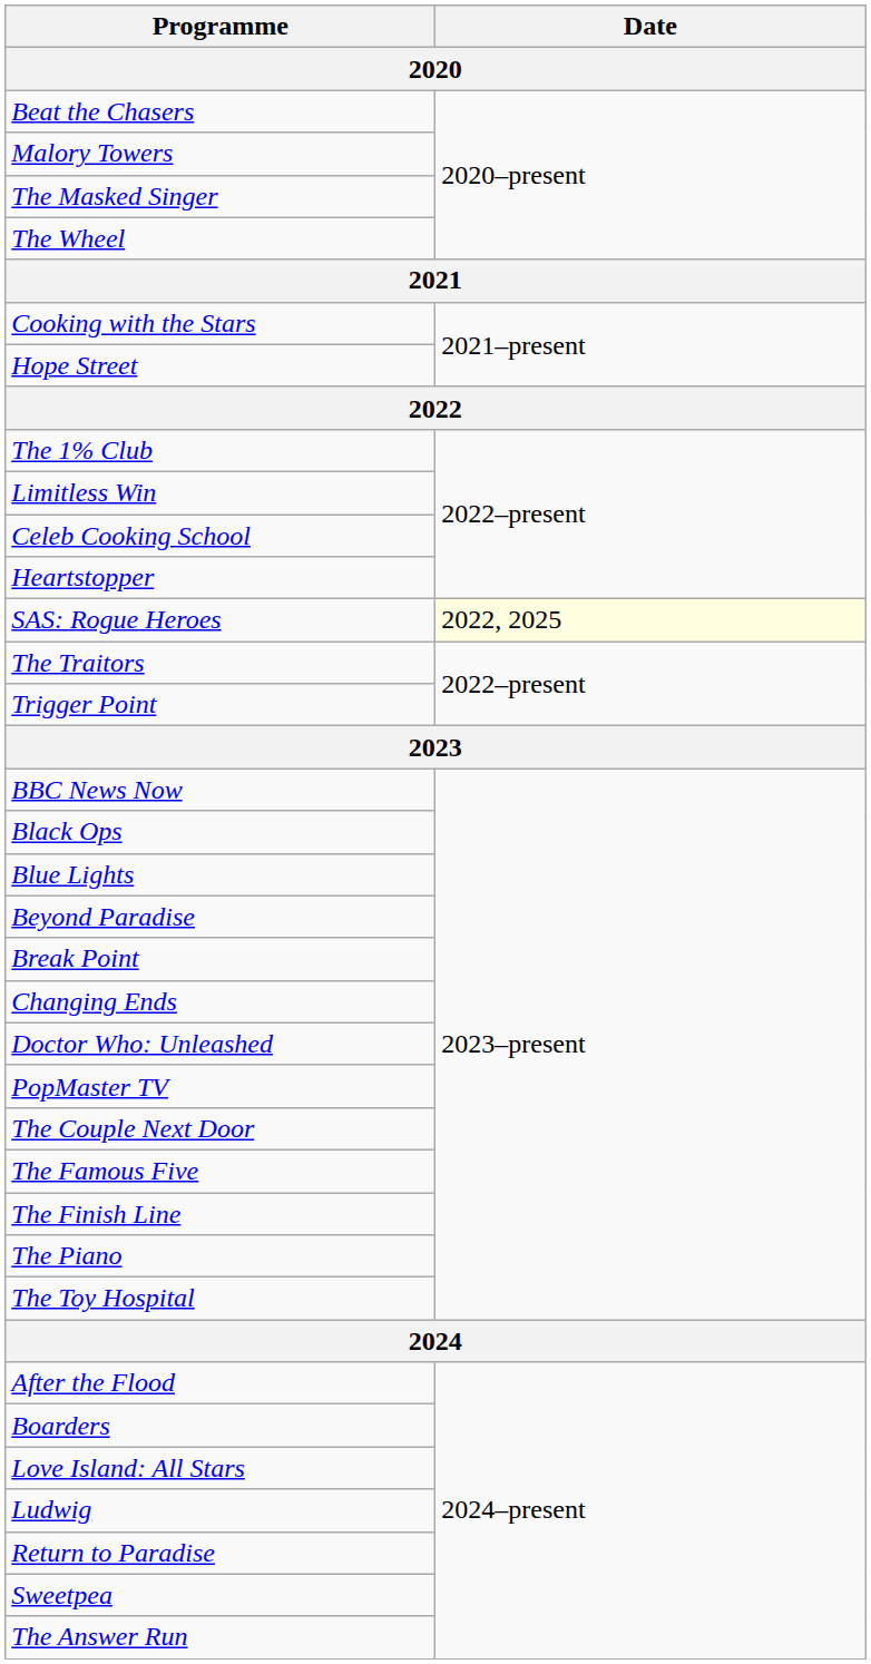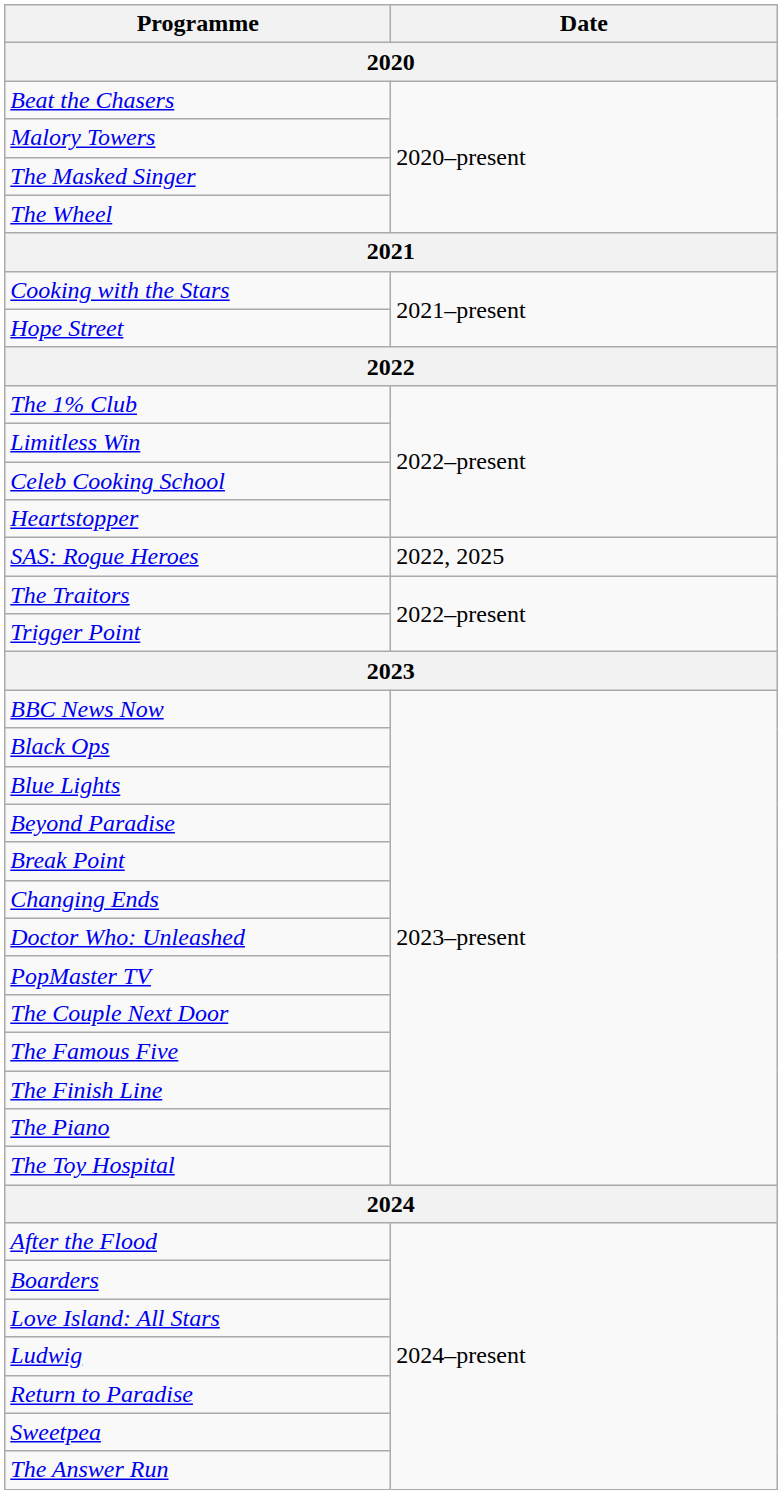 <table class="wikitable">
 <tr>
 <th width=250>Programme</th>
 <th width=250>Date</th>
 </tr>
 <tr>
 <th colspan=2>2020</th>
 </tr>
 <tr>
 <td><em><a href='#'>Beat the Chasers</a></em></td>
 <td rowspan="4">2020–present</td>
 </tr>
 <tr>
 <td><em><a href='#'>Malory Towers</a></em></td>
 </tr>
 <tr>
 <td><em><a href='#'>The Masked Singer</a></em></td>
 </tr>
 <tr>
 <td><em><a href='#'>The Wheel</a></em></td>
 </tr>
 <tr>
 <th colspan=2>2021</th>
 </tr>
 <tr>
 <td><em><a href='#'>Cooking with the Stars</a></em></td>
 <td rowspan="2">2021–present</td>
 </tr>
 <tr>
 <td><em><a href='#'>Hope Street</a></em></td>
 </tr>
 <tr>
 <th colspan=2>2022</th>
 </tr>
 <tr>
 <td><em><a href='#'>The 1% Club</a></em></td>
 <td rowspan="4">2022–present</td>
 </tr>
 <tr>
 <td><em><a href='#'>Limitless Win</a></em></td>
 </tr>
 <tr>
 <td><em><a href='#'>Celeb Cooking School</a></em></td>
 </tr>
 <tr>
 <td><em><a href='#'>Heartstopper</a></em></td>
 </tr>
 <tr>
 <td><em><a href='#'>SAS: Rogue Heroes</a></em></td>
-<td style="background: lightyellow;">2022, 2025</td>
+<td>2022, 2025</td>
 </tr>
 <tr>
 <td><em><a href='#'>The Traitors</a></em></td>
 <td rowspan="2">2022–present</td>
 </tr>
 <tr>
 <td><em><a href='#'>Trigger Point</a></em></td>
 </tr>
 <tr>
 <th colspan=2>2023</th>
 </tr>
 <tr>
 <td><em><a href='#'>BBC News Now</a></em></td>
 <td rowspan="13">2023–present</td>
 </tr>
 <tr>
 <td><em><a href='#'>Black Ops</a></em></td>
 </tr>
 <tr>
 <td><em><a href='#'>Blue Lights</a></em></td>
 </tr>
 <tr>
 <td><em><a href='#'>Beyond Paradise</a></em></td>
 </tr>
 <tr>
 <td><em><a href='#'>Break Point</a></em></td>
 </tr>
 <tr>
 <td><em><a href='#'>Changing Ends</a></em></td>
 </tr>
 <tr>
 <td><em><a href='#'>Doctor Who: Unleashed</a></em></td>
 </tr>
 <tr>
 <td><em><a href='#'>PopMaster TV</a></em></td>
 </tr>
 <tr>
 <td><em><a href='#'>The Couple Next Door</a></em></td>
 </tr>
 <tr>
 <td><em><a href='#'>The Famous Five</a></em></td>
 </tr>
 <tr>
 <td><em><a href='#'>The Finish Line</a></em></td>
 </tr>
 <tr>
 <td><em><a href='#'>The Piano</a></em></td>
 </tr>
 <tr>
 <td><em><a href='#'>The Toy Hospital</a></em></td>
 </tr>
 <tr>
 <th colspan=2>2024</th>
 </tr>
 <tr>
 <td><em><a href='#'>After the Flood</a></em></td>
 <td rowspan="7">2024–present</td>
 </tr>
 <tr>
 <td><em><a href='#'>Boarders</a></em></td>
 </tr>
 <tr>
 <td><em><a href='#'>Love Island: All Stars</a></em></td>
 </tr>
 <tr>
 <td><em><a href='#'>Ludwig</a></em></td>
 </tr>
 <tr>
 <td><em><a href='#'>Return to Paradise</a></em></td>
 </tr>
 <tr>
 <td><em><a href='#'>Sweetpea</a></em></td>
 </tr>
 <tr>
 <td><em><a href='#'>The Answer Run</a></em></td>
 </tr>
 </table>
